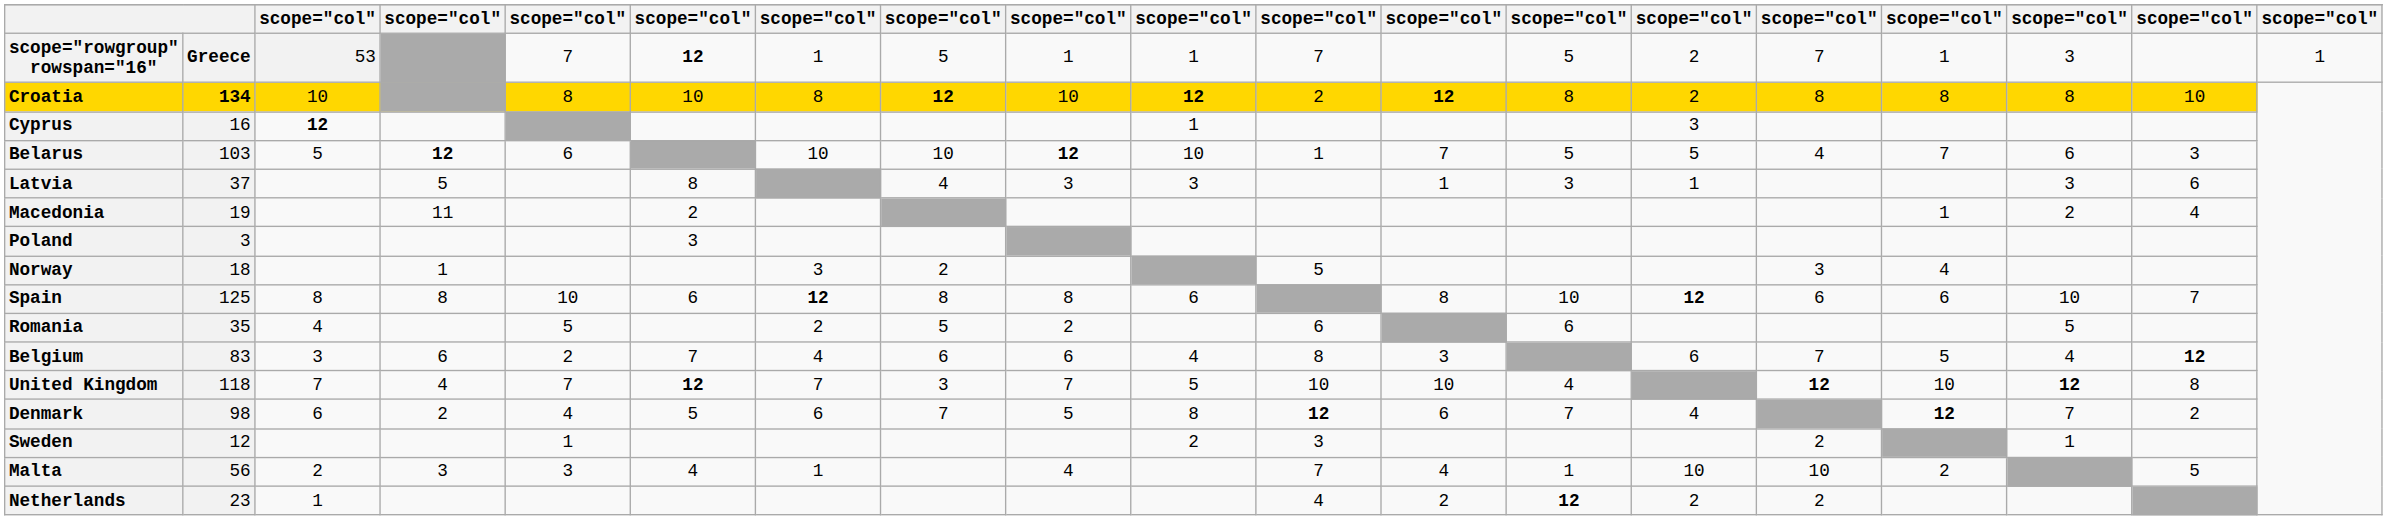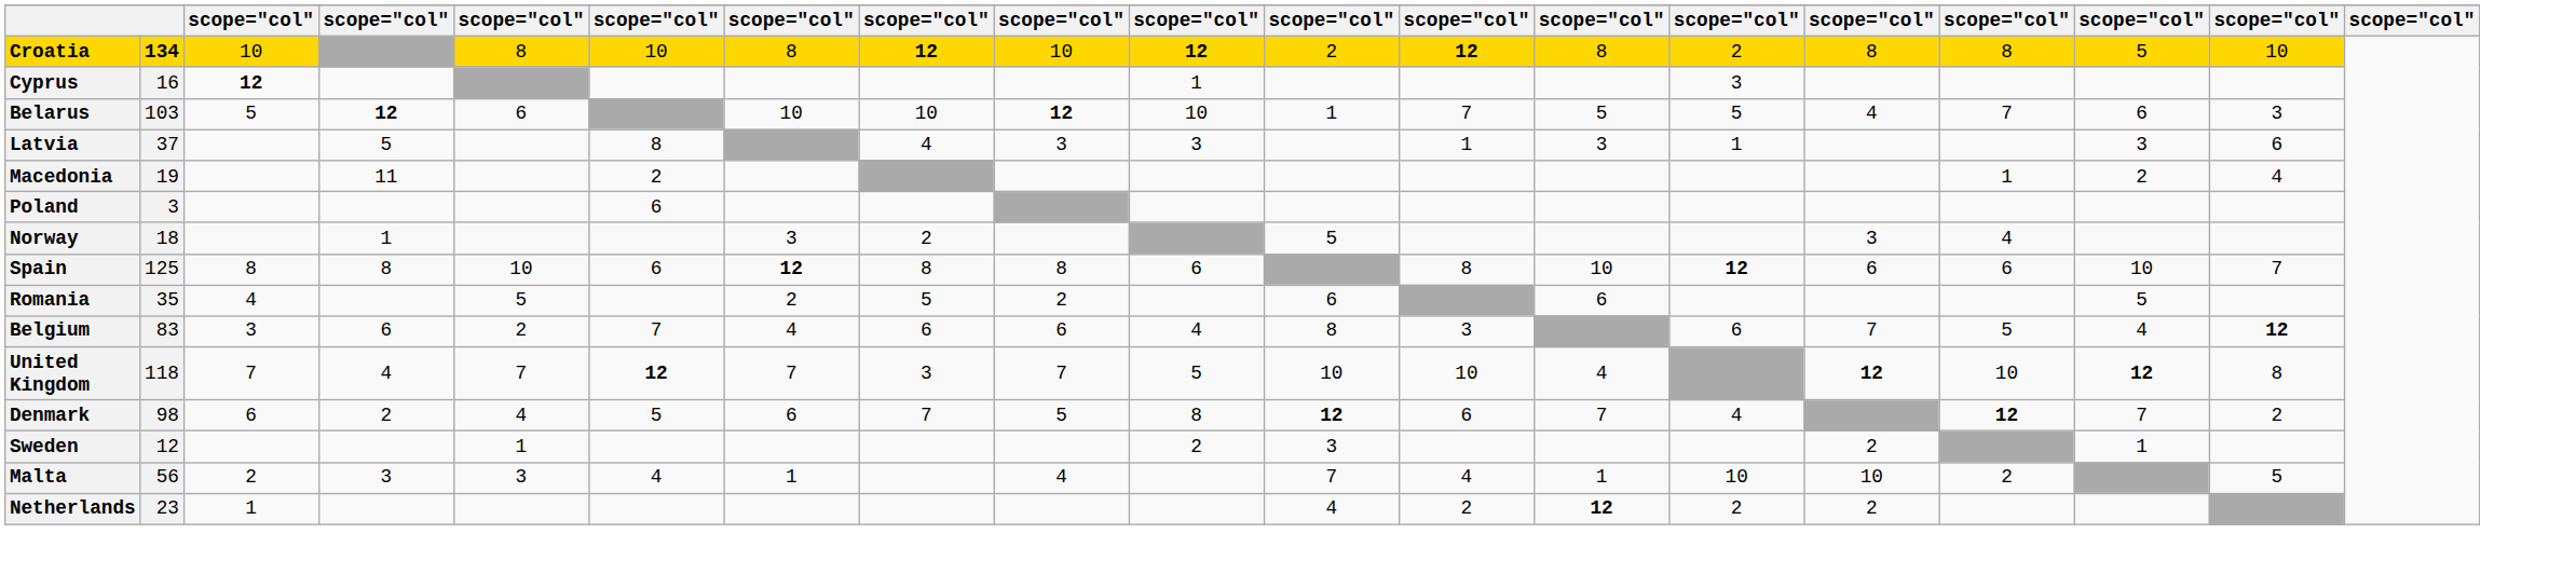 <table class="wikitable plainrowheaders" style="text-align:center;">
 <tr>
 </tr>
 <tr>
 <th colspan="2"></th>
 <th>scope="col" </th>
 <th>scope="col" </th>
 <th>scope="col" </th>
 <th>scope="col" </th>
 <th>scope="col" </th>
 <th>scope="col" </th>
 <th>scope="col" </th>
 <th>scope="col" </th>
 <th>scope="col" </th>
 <th>scope="col" </th>
 <th>scope="col" </th>
 <th>scope="col" </th>
 <th>scope="col" </th>
 <th>scope="col" </th>
 <th>scope="col" </th>
 <th>scope="col" </th>
 <th>scope="col" </th>
 </tr>
-<tr>
-<th>scope="rowgroup" rowspan="16" </th>
-<th scope="row" style="text-align:left; background:#f2f2f2;">Greece</th>
-<td style="text-align:right; background:#f2f2f2;">53</td>
-<td style="text-align:left; background:#aaa;"></td>
-<td>7</td>
-<td><strong>12</strong></td>
-<td>1</td>
-<td>5</td>
-<td>1</td>
-<td>1</td>
-<td>7</td>
-<td></td>
-<td>5</td>
-<td>2</td>
-<td>7</td>
-<td>1</td>
-<td>3</td>
-<td></td>
-<td>1</td>
-</tr>
 <tr style="background:gold;">
 <th scope="row" style="text-align:left; font-weight:bold; background:gold;">Croatia</th>
 <td style="text-align:right; font-weight:bold;">134</td>
 <td>10</td>
 <td style="text-align:left; background:#aaa;"></td>
 <td>8</td>
 <td>10</td>
 <td>8</td>
 <td><strong>12</strong></td>
 <td>10</td>
 <td><strong>12</strong></td>
 <td>2</td>
 <td><strong>12</strong></td>
 <td>8</td>
 <td>2</td>
 <td>8</td>
 <td>8</td>
-<td>8</td>
+<td>5</td>
 <td>10</td>
 </tr>
 <tr>
 <th scope="row" style="text-align:left; background:#f2f2f2;">Cyprus</th>
 <td style="text-align:right; background:#f2f2f2;">16</td>
 <td><strong>12</strong></td>
 <td></td>
 <td style="text-align:left; background:#aaa;"></td>
 <td></td>
 <td></td>
 <td></td>
 <td></td>
 <td>1</td>
 <td></td>
 <td></td>
 <td></td>
 <td>3</td>
 <td></td>
 <td></td>
 <td></td>
 <td></td>
 </tr>
 <tr>
 <th scope="row" style="text-align:left; background:#f2f2f2;">Belarus</th>
 <td style="text-align:right; background:#f2f2f2;">103</td>
 <td>5</td>
 <td><strong>12</strong></td>
 <td>6</td>
 <td style="text-align:left; background:#aaa;"></td>
 <td>10</td>
 <td>10</td>
 <td><strong>12</strong></td>
 <td>10</td>
 <td>1</td>
 <td>7</td>
 <td>5</td>
 <td>5</td>
 <td>4</td>
 <td>7</td>
 <td>6</td>
 <td>3</td>
 </tr>
 <tr>
 <th scope="row" style="text-align:left; background:#f2f2f2;">Latvia</th>
 <td style="text-align:right; background:#f2f2f2;">37</td>
 <td></td>
 <td>5</td>
 <td></td>
 <td>8</td>
 <td style="text-align:left; background:#aaa;"></td>
 <td>4</td>
 <td>3</td>
 <td>3</td>
 <td></td>
 <td>1</td>
 <td>3</td>
 <td>1</td>
 <td></td>
 <td></td>
 <td>3</td>
 <td>6</td>
 </tr>
 <tr>
 <th scope="row" style="text-align:left; background:#f2f2f2;">Macedonia</th>
 <td style="text-align:right; background:#f2f2f2;">19</td>
 <td></td>
 <td>11</td>
 <td></td>
 <td>2</td>
 <td></td>
 <td style="text-align:left; background:#aaa;"></td>
 <td></td>
 <td></td>
 <td></td>
 <td></td>
 <td></td>
 <td></td>
 <td></td>
 <td>1</td>
 <td>2</td>
 <td>4</td>
 </tr>
 <tr>
 <th scope="row" style="text-align:left; background:#f2f2f2;">Poland</th>
 <td style="text-align:right; background:#f2f2f2;">3</td>
 <td></td>
 <td></td>
 <td></td>
-<td>3</td>
+<td>6</td>
 <td></td>
 <td></td>
 <td style="text-align:left; background:#aaa;"></td>
 <td></td>
 <td></td>
 <td></td>
 <td></td>
 <td></td>
 <td></td>
 <td></td>
 <td></td>
 <td></td>
 </tr>
 <tr>
 <th scope="row" style="text-align:left; background:#f2f2f2;">Norway</th>
 <td style="text-align:right; background:#f2f2f2;">18</td>
 <td></td>
 <td>1</td>
 <td></td>
 <td></td>
 <td>3</td>
 <td>2</td>
 <td></td>
 <td style="text-align:left; background:#aaa;"></td>
 <td>5</td>
 <td></td>
 <td></td>
 <td></td>
 <td>3</td>
 <td>4</td>
 <td></td>
 <td></td>
 </tr>
 <tr>
 <th scope="row" style="text-align:left; background:#f2f2f2;">Spain</th>
 <td style="text-align:right; background:#f2f2f2;">125</td>
 <td>8</td>
 <td>8</td>
 <td>10</td>
 <td>6</td>
 <td><strong>12</strong></td>
 <td>8</td>
 <td>8</td>
 <td>6</td>
 <td style="text-align:left; background:#aaa;"></td>
 <td>8</td>
 <td>10</td>
 <td><strong>12</strong></td>
 <td>6</td>
 <td>6</td>
 <td>10</td>
 <td>7</td>
 </tr>
 <tr>
 <th scope="row" style="text-align:left; background:#f2f2f2;">Romania</th>
 <td style="text-align:right; background:#f2f2f2;">35</td>
 <td>4</td>
 <td></td>
 <td>5</td>
 <td></td>
 <td>2</td>
 <td>5</td>
 <td>2</td>
 <td></td>
 <td>6</td>
 <td style="text-align:left; background:#aaa;"></td>
 <td>6</td>
 <td></td>
 <td></td>
 <td></td>
 <td>5</td>
 <td></td>
 </tr>
 <tr>
 <th scope="row" style="text-align:left; background:#f2f2f2;">Belgium</th>
 <td style="text-align:right; background:#f2f2f2;">83</td>
 <td>3</td>
 <td>6</td>
 <td>2</td>
 <td>7</td>
 <td>4</td>
 <td>6</td>
 <td>6</td>
 <td>4</td>
 <td>8</td>
 <td>3</td>
 <td style="text-align:left; background:#aaa;"></td>
 <td>6</td>
 <td>7</td>
 <td>5</td>
 <td>4</td>
 <td><strong>12</strong></td>
 </tr>
 <tr>
 <th scope="row" style="text-align:left; background:#f2f2f2;">United Kingdom</th>
 <td style="text-align:right; background:#f2f2f2;">118</td>
 <td>7</td>
 <td>4</td>
 <td>7</td>
 <td><strong>12</strong></td>
 <td>7</td>
 <td>3</td>
 <td>7</td>
 <td>5</td>
 <td>10</td>
 <td>10</td>
 <td>4</td>
 <td style="text-align:left; background:#aaa;"></td>
 <td><strong>12</strong></td>
 <td>10</td>
 <td><strong>12</strong></td>
 <td>8</td>
 </tr>
 <tr>
 <th scope="row" style="text-align:left; background:#f2f2f2;">Denmark</th>
 <td style="text-align:right; background:#f2f2f2;">98</td>
 <td>6</td>
 <td>2</td>
 <td>4</td>
 <td>5</td>
 <td>6</td>
 <td>7</td>
 <td>5</td>
 <td>8</td>
 <td><strong>12</strong></td>
 <td>6</td>
 <td>7</td>
 <td>4</td>
 <td style="text-align:left; background:#aaa;"></td>
 <td><strong>12</strong></td>
 <td>7</td>
 <td>2</td>
 </tr>
 <tr>
 <th scope="row" style="text-align:left; background:#f2f2f2;">Sweden</th>
 <td style="text-align:right; background:#f2f2f2;">12</td>
 <td></td>
 <td></td>
 <td>1</td>
 <td></td>
 <td></td>
 <td></td>
 <td></td>
 <td>2</td>
 <td>3</td>
 <td></td>
 <td></td>
 <td></td>
 <td>2</td>
 <td style="text-align:left; background:#aaa;"></td>
 <td>1</td>
 <td></td>
 </tr>
 <tr>
 <th scope="row" style="text-align:left; background:#f2f2f2;">Malta</th>
 <td style="text-align:right; background:#f2f2f2;">56</td>
 <td>2</td>
 <td>3</td>
 <td>3</td>
 <td>4</td>
 <td>1</td>
 <td></td>
 <td>4</td>
 <td></td>
 <td>7</td>
 <td>4</td>
 <td>1</td>
 <td>10</td>
 <td>10</td>
 <td>2</td>
 <td style="text-align:left; background:#aaa;"></td>
 <td>5</td>
 </tr>
 <tr>
 <th scope="row" style="text-align:left; background:#f2f2f2;">Netherlands</th>
 <td style="text-align:right; background:#f2f2f2;">23</td>
 <td>1</td>
 <td></td>
 <td></td>
 <td></td>
 <td></td>
 <td></td>
 <td></td>
 <td></td>
 <td>4</td>
 <td>2</td>
 <td><strong>12</strong></td>
 <td>2</td>
 <td>2</td>
 <td></td>
 <td></td>
 <td style="text-align:left; background:#aaa;"></td>
 </tr>
 </table>
